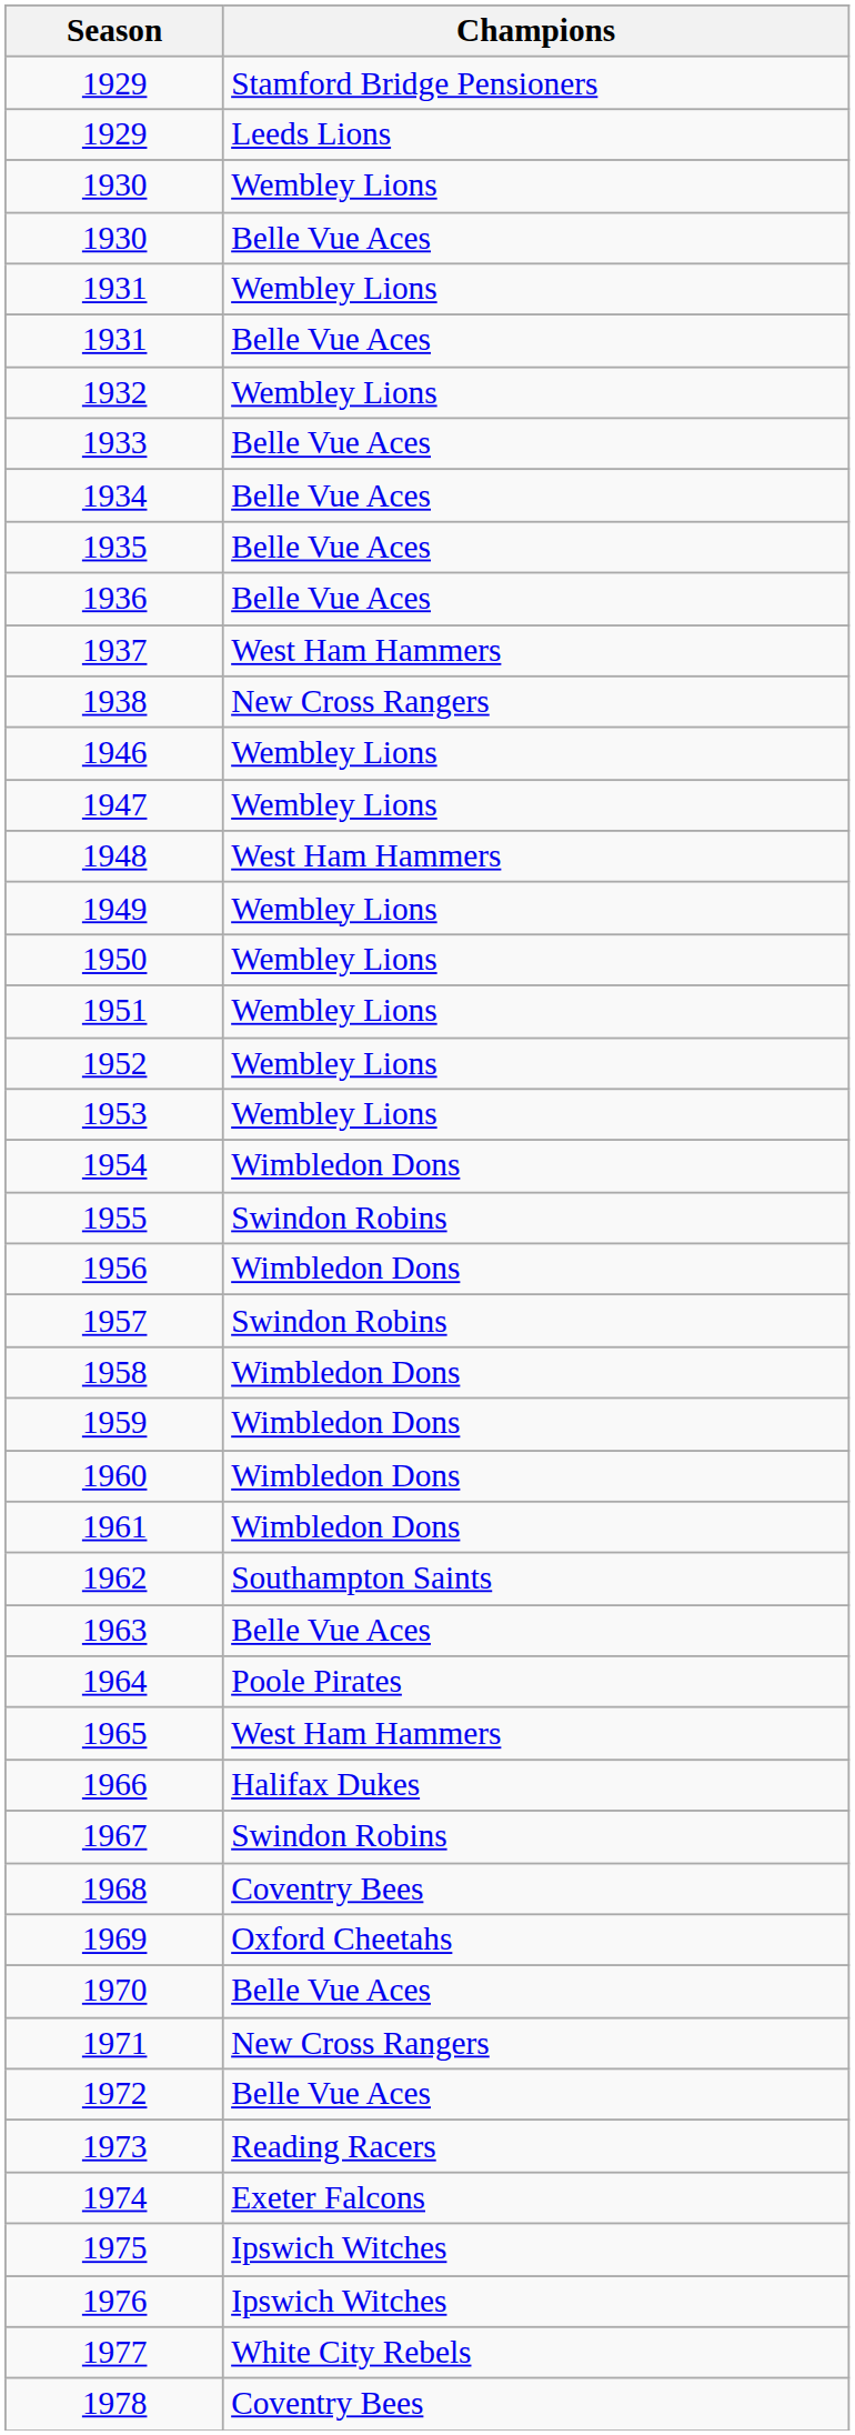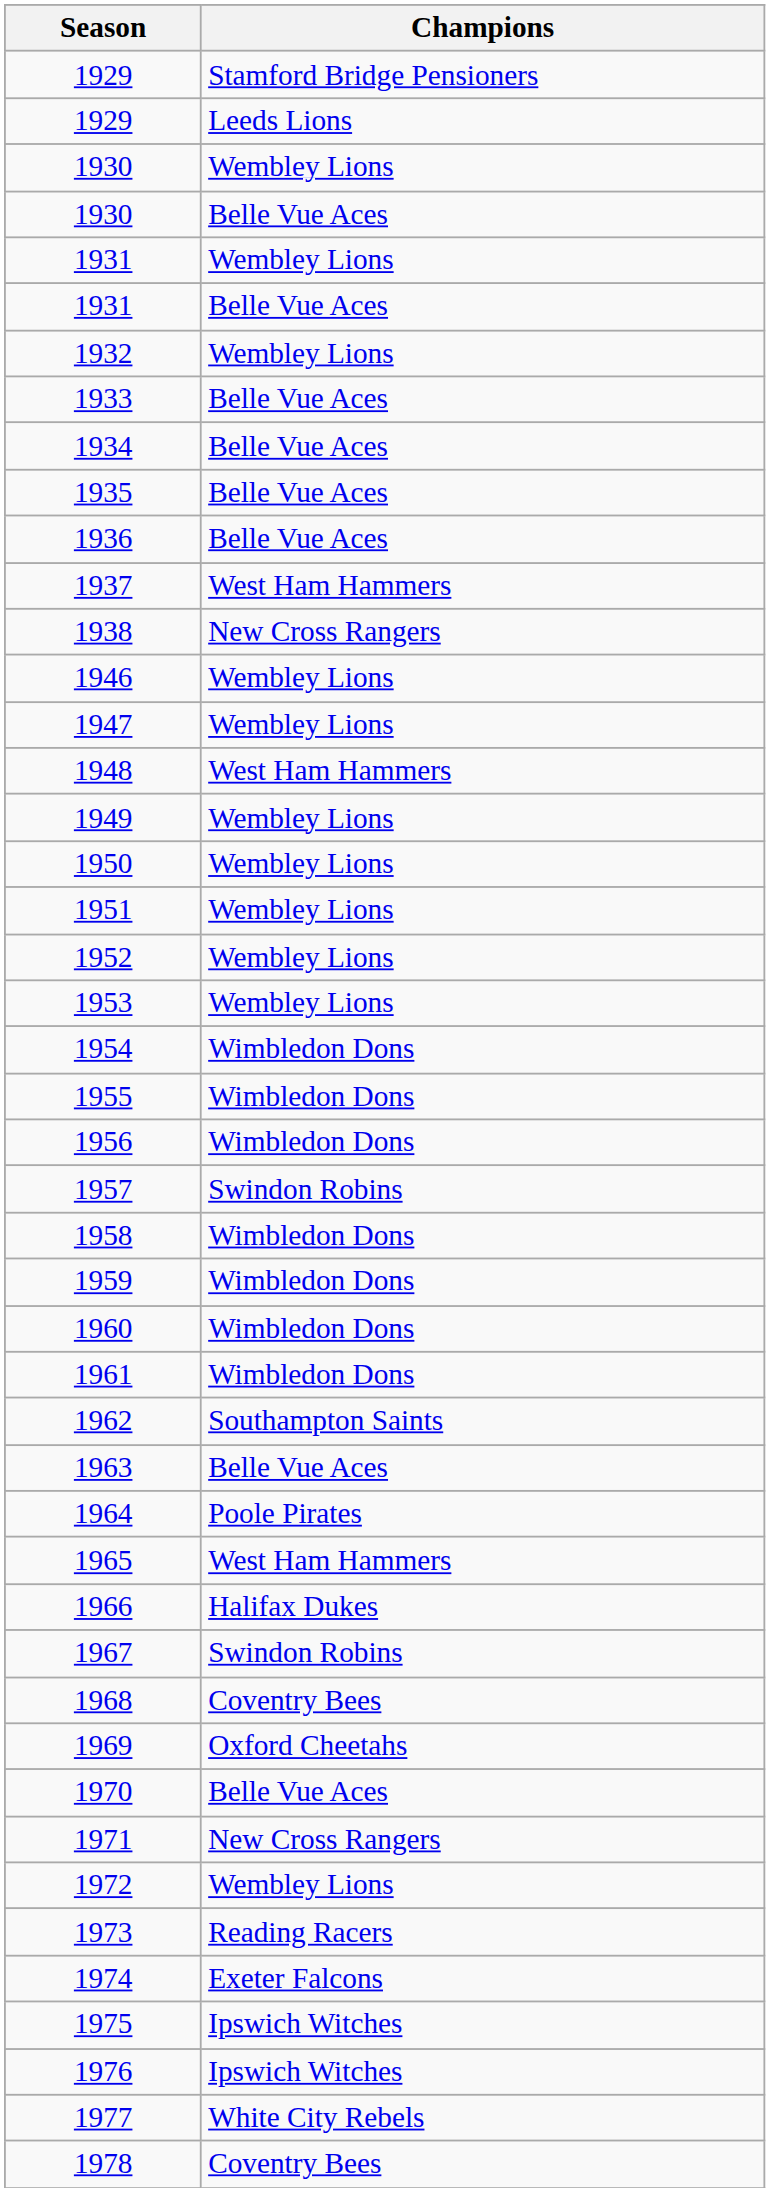 <table class="wikitable" style="font-size: 100%">
 <tr>
 <th width=100>Season</th>
 <th width=300>Champions</th>
 </tr>
 <tr align=center>
 <td><a href='#'>1929</a></td>
 <td align="left"><a href='#'>Stamford Bridge Pensioners</a></td>
 </tr>
 <tr align=center>
 <td><a href='#'>1929</a></td>
 <td align="left"><a href='#'>Leeds Lions</a></td>
 </tr>
 <tr align=center>
 <td><a href='#'>1930</a></td>
 <td align="left"><a href='#'>Wembley Lions</a></td>
 </tr>
 <tr align=center>
 <td><a href='#'>1930</a></td>
 <td align="left"><a href='#'>Belle Vue Aces</a></td>
 </tr>
 <tr align=center>
 <td><a href='#'>1931</a></td>
 <td align="left"><a href='#'>Wembley Lions</a></td>
 </tr>
 <tr align=center>
 <td><a href='#'>1931</a></td>
 <td align="left"><a href='#'>Belle Vue Aces</a></td>
 </tr>
 <tr align=center>
 <td><a href='#'>1932</a></td>
 <td align="left"><a href='#'>Wembley Lions</a></td>
 </tr>
 <tr align=center>
 <td><a href='#'>1933</a></td>
 <td align="left"><a href='#'>Belle Vue Aces</a></td>
 </tr>
 <tr align=center>
 <td><a href='#'>1934</a></td>
 <td align="left"><a href='#'>Belle Vue Aces</a></td>
 </tr>
 <tr align=center>
 <td><a href='#'>1935</a></td>
 <td align="left"><a href='#'>Belle Vue Aces</a></td>
 </tr>
 <tr align=center>
 <td><a href='#'>1936</a></td>
 <td align="left"><a href='#'>Belle Vue Aces</a></td>
 </tr>
 <tr align=center>
 <td><a href='#'>1937</a></td>
 <td align="left"><a href='#'>West Ham Hammers</a></td>
 </tr>
 <tr align=center>
 <td><a href='#'>1938</a></td>
 <td align="left"><a href='#'>New Cross Rangers</a></td>
 </tr>
 <tr align=center>
 <td><a href='#'>1946</a></td>
 <td align="left"><a href='#'>Wembley Lions</a></td>
 </tr>
 <tr align=center>
 <td><a href='#'>1947</a></td>
 <td align="left"><a href='#'>Wembley Lions</a></td>
 </tr>
 <tr align=center>
 <td><a href='#'>1948</a></td>
 <td align="left"><a href='#'>West Ham Hammers</a></td>
 </tr>
 <tr align=center>
 <td><a href='#'>1949</a></td>
 <td align="left"><a href='#'>Wembley Lions</a></td>
 </tr>
 <tr align=center>
 <td><a href='#'>1950</a></td>
 <td align="left"><a href='#'>Wembley Lions</a></td>
 </tr>
 <tr align=center>
 <td><a href='#'>1951</a></td>
 <td align="left"><a href='#'>Wembley Lions</a></td>
 </tr>
 <tr align=center>
 <td><a href='#'>1952</a></td>
 <td align="left"><a href='#'>Wembley Lions</a></td>
 </tr>
 <tr align=center>
 <td><a href='#'>1953</a></td>
 <td align="left"><a href='#'>Wembley Lions</a></td>
 </tr>
 <tr align=center>
 <td><a href='#'>1954</a></td>
 <td align="left"><a href='#'>Wimbledon Dons</a></td>
 </tr>
 <tr align=center>
 <td><a href='#'>1955</a></td>
-<td align="left"><a href='#'>Swindon Robins</a></td>
+<td align="left"><a href='#'>Wimbledon Dons</a></td>
 </tr>
 <tr align=center>
 <td><a href='#'>1956</a></td>
 <td align="left"><a href='#'>Wimbledon Dons</a></td>
 </tr>
 <tr align=center>
 <td><a href='#'>1957</a></td>
 <td align="left"><a href='#'>Swindon Robins</a></td>
 </tr>
 <tr align=center>
 <td><a href='#'>1958</a></td>
 <td align="left"><a href='#'>Wimbledon Dons</a></td>
 </tr>
 <tr align=center>
 <td><a href='#'>1959</a></td>
 <td align="left"><a href='#'>Wimbledon Dons</a></td>
 </tr>
 <tr align=center>
 <td><a href='#'>1960</a></td>
 <td align="left"><a href='#'>Wimbledon Dons</a></td>
 </tr>
 <tr align=center>
 <td><a href='#'>1961</a></td>
 <td align="left"><a href='#'>Wimbledon Dons</a></td>
 </tr>
 <tr align=center>
 <td><a href='#'>1962</a></td>
 <td align="left"><a href='#'>Southampton Saints</a></td>
 </tr>
 <tr align=center>
 <td><a href='#'>1963</a></td>
 <td align="left"><a href='#'>Belle Vue Aces</a></td>
 </tr>
 <tr align=center>
 <td><a href='#'>1964</a></td>
 <td align="left"><a href='#'>Poole Pirates</a></td>
 </tr>
 <tr align=center>
 <td><a href='#'>1965</a></td>
 <td align="left"><a href='#'>West Ham Hammers</a></td>
 </tr>
 <tr align=center>
 <td><a href='#'>1966</a></td>
 <td align="left"><a href='#'>Halifax Dukes</a></td>
 </tr>
 <tr align=center>
 <td><a href='#'>1967</a></td>
 <td align="left"><a href='#'>Swindon Robins</a></td>
 </tr>
 <tr align=center>
 <td><a href='#'>1968</a></td>
 <td align="left"><a href='#'>Coventry Bees</a></td>
 </tr>
 <tr align=center>
 <td><a href='#'>1969</a></td>
 <td align="left"><a href='#'>Oxford Cheetahs</a></td>
 </tr>
 <tr align=center>
 <td><a href='#'>1970</a></td>
 <td align="left"><a href='#'>Belle Vue Aces</a></td>
 </tr>
 <tr align=center>
 <td><a href='#'>1971</a></td>
 <td align="left"><a href='#'>New Cross Rangers</a></td>
 </tr>
 <tr align=center>
 <td><a href='#'>1972</a></td>
-<td align="left"><a href='#'>Belle Vue Aces</a></td>
+<td align="left"><a href='#'>Wembley Lions</a></td>
 </tr>
 <tr align=center>
 <td><a href='#'>1973</a></td>
 <td align="left"><a href='#'>Reading Racers</a></td>
 </tr>
 <tr align=center>
 <td><a href='#'>1974</a></td>
 <td align="left"><a href='#'>Exeter Falcons</a></td>
 </tr>
 <tr align=center>
 <td><a href='#'>1975</a></td>
 <td align="left"><a href='#'>Ipswich Witches</a></td>
 </tr>
 <tr align=center>
 <td><a href='#'>1976</a></td>
 <td align="left"><a href='#'>Ipswich Witches</a></td>
 </tr>
 <tr align=center>
 <td><a href='#'>1977</a></td>
 <td align="left"><a href='#'>White City Rebels</a></td>
 </tr>
 <tr align=center>
 <td><a href='#'>1978</a></td>
 <td align="left"><a href='#'>Coventry Bees</a></td>
 </tr>
 </table>
